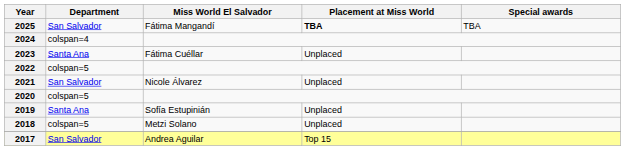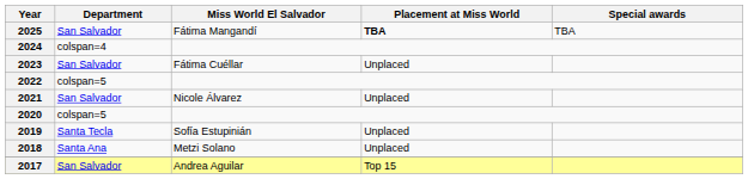 <table class="wikitable " style="font-size: 90%;">
 <tr>
 <th width="60">Year</th>
 <th width="150">Department</th>
 <th width="250">Miss World El Salvador</th>
 <th width="250">Placement at Miss World</th>
 <th width="250">Special awards</th>
 </tr>
 <tr>
 <th>2025</th>
 <td><a href='#'>San Salvador</a></td>
 <td>Fátima Mangandí</td>
 <td><strong>TBA</strong></td>
 <td>TBA</td>
 </tr>
 <tr>
 <th>2024</th>
 <td>colspan=4 </td>
 </tr>
 <tr>
 <th>2023</th>
-<td><a href='#'>Santa Ana</a></td>
+<td><a href='#'>San Salvador</a></td>
 <td>Fátima Cuéllar</td>
 <td>Unplaced</td>
 <td></td>
 </tr>
 <tr>
 <th>2022</th>
 <td>colspan=5 </td>
 </tr>
 <tr>
 <th>2021</th>
 <td><a href='#'>San Salvador</a></td>
 <td>Nicole Álvarez</td>
 <td>Unplaced</td>
 <td></td>
 </tr>
 <tr>
 <th>2020</th>
 <td>colspan=5 </td>
 </tr>
 <tr>
 <th>2019</th>
-<td><a href='#'>Santa Ana</a></td>
+<td><a href='#'>Santa Tecla</a></td>
 <td>Sofía Estupinián</td>
 <td>Unplaced</td>
 <td></td>
 </tr>
 <tr>
 <th>2018</th>
-<td>colspan=5 </td>
+<td><a href='#'>Santa Ana</a></td>
 <td>Metzi Solano</td>
 <td>Unplaced</td>
 <td></td>
 </tr>
 <tr>
 </tr>
 <tr style="background-color:#FFFF99;">
 <th>2017</th>
 <td><a href='#'>San Salvador</a></td>
 <td>Andrea Aguilar</td>
 <td>Top 15</td>
 <td></td>
 </tr>
 </table>
